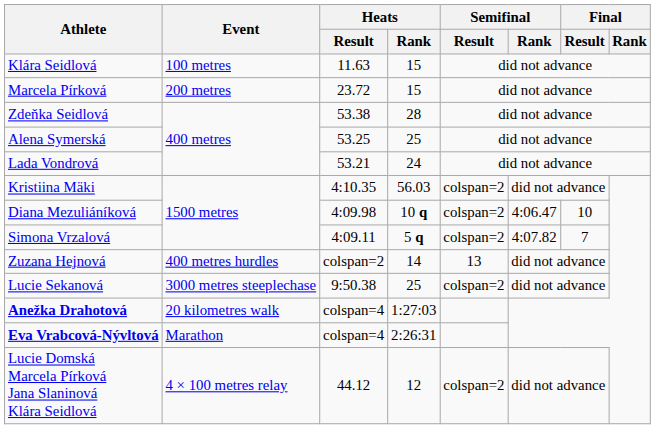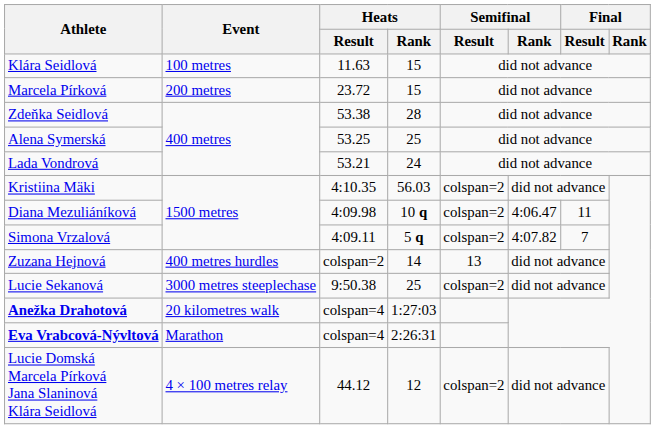 <table class="wikitable" border="1" style="font-size:90%">
 <tr>
 <th rowspan="2">Athlete</th>
 <th rowspan="2">Event</th>
 <th colspan="2">Heats</th>
 <th colspan="2">Semifinal</th>
 <th colspan="2">Final</th>
 </tr>
 <tr>
 <th>Result</th>
 <th>Rank</th>
 <th>Result</th>
 <th>Rank</th>
 <th>Result</th>
 <th>Rank</th>
 </tr>
 <tr align=center>
 <td align=left><a href='#'>Klára Seidlová</a></td>
 <td align=left><a href='#'>100 metres</a></td>
 <td>11.63</td>
 <td>15</td>
 <td align=center colspan=4>did not advance</td>
 </tr>
 <tr align=center>
 <td align=left><a href='#'>Marcela Pírková</a></td>
 <td align=left><a href='#'>200 metres</a></td>
 <td>23.72</td>
 <td>15</td>
 <td align=center colspan=4>did not advance</td>
 </tr>
 <tr align=center>
 <td align=left><a href='#'>Zdeňka Seidlová</a></td>
 <td align=left rowspan=3><a href='#'>400 metres</a></td>
 <td>53.38</td>
 <td>28</td>
 <td align=center colspan=4>did not advance</td>
 </tr>
 <tr align=center>
 <td align=left><a href='#'>Alena Symerská</a></td>
 <td>53.25</td>
 <td>25</td>
 <td align=center colspan=4>did not advance</td>
 </tr>
 <tr align=center>
 <td align=left><a href='#'>Lada Vondrová</a></td>
 <td>53.21 </td>
 <td>24</td>
 <td align=center colspan=4>did not advance</td>
 </tr>
 <tr align=center>
 <td align=left><a href='#'>Kristiina Mäki</a></td>
 <td align=left rowspan=3><a href='#'>1500 metres</a></td>
 <td>4:10.35 </td>
 <td>56.03</td>
 <td>colspan=2</td>
 <td align=center colspan=2>did not advance</td>
 </tr>
 <tr align=center>
 <td align=left><a href='#'>Diana Mezuliáníková</a></td>
 <td>4:09.98</td>
 <td>10 <strong>q</strong></td>
 <td>colspan=2</td>
 <td>4:06.47</td>
-<td>10</td>
+<td>11</td>
 </tr>
 <tr align=center>
 <td align=left><a href='#'>Simona Vrzalová</a></td>
 <td>4:09.11</td>
 <td>5 <strong>q</strong></td>
 <td>colspan=2</td>
 <td>4:07.82</td>
 <td>7</td>
 </tr>
 <tr align=center>
 <td align=left><a href='#'>Zuzana Hejnová</a></td>
 <td align=left><a href='#'>400 metres hurdles</a></td>
 <td>colspan=2</td>
 <td>14</td>
 <td>13</td>
 <td colspan=2>did not advance</td>
 </tr>
 <tr align=center>
 <td align=left><a href='#'>Lucie Sekanová</a></td>
 <td align=left><a href='#'>3000 metres steeplechase</a></td>
 <td>9:50.38 </td>
 <td>25</td>
 <td>colspan=2</td>
 <td colspan=2>did not advance</td>
 </tr>
 <tr align=center>
 <td align=left><strong><a href='#'>Anežka Drahotová</a></strong></td>
 <td align=left><a href='#'>20 kilometres walk</a></td>
 <td>colspan=4</td>
 <td>1:27:03 </td>
 <td></td>
 </tr>
 <tr align=center>
 <td align=left><strong><a href='#'>Eva Vrabcová-Nývltová</a></strong></td>
 <td align=left><a href='#'>Marathon</a></td>
 <td>colspan=4</td>
 <td>2:26:31 </td>
 <td></td>
 </tr>
 <tr align=center>
 <td align=left><a href='#'>Lucie Domská</a><br><a href='#'>Marcela Pírková</a><br><a href='#'>Jana Slaninová</a><br><a href='#'>Klára Seidlová</a></td>
 <td align=left><a href='#'>4 × 100 metres relay</a></td>
 <td>44.12 </td>
 <td>12</td>
 <td>colspan=2</td>
 <td colspan=2>did not advance</td>
 </tr>
 </table>
